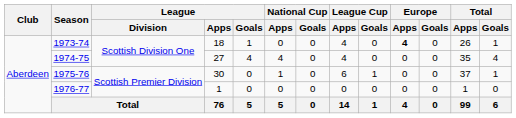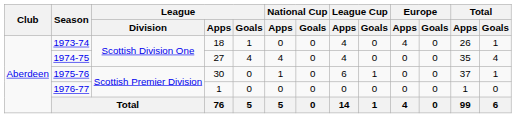 <table class="wikitable" style="text-align:center">
 <tr>
 <th rowspan="2">Club</th>
 <th rowspan="2">Season</th>
 <th colspan="3">League</th>
 <th colspan="2">National Cup</th>
 <th colspan="2">League Cup</th>
 <th colspan="2">Europe</th>
 <th colspan="2">Total</th>
 </tr>
 <tr>
 <th>Division</th>
 <th>Apps</th>
 <th>Goals</th>
 <th>Apps</th>
 <th>Goals</th>
 <th>Apps</th>
 <th>Goals</th>
 <th>Apps</th>
 <th>Goals</th>
 <th>Apps</th>
 <th>Goals</th>
 </tr>
 <tr>
 <td rowspan="5"><a href='#'>Aberdeen</a></td>
 <td><a href='#'>1973-74</a></td>
 <td rowspan="2"><a href='#'>Scottish Division One</a></td>
 <td>18</td>
 <td>1</td>
 <td>0</td>
 <td>0</td>
 <td>4</td>
 <td>0</td>
-<td><strong>4</strong></td>
+<td>4</td>
 <td>0</td>
 <td>26</td>
 <td>1</td>
 </tr>
 <tr>
 <td><a href='#'>1974-75</a></td>
 <td>27</td>
 <td>4</td>
 <td>4</td>
 <td>0</td>
 <td>4</td>
 <td>0</td>
 <td>0</td>
 <td>0</td>
 <td>35</td>
 <td>4</td>
 </tr>
 <tr>
 <td><a href='#'>1975-76</a></td>
 <td rowspan="2"><a href='#'>Scottish Premier Division</a></td>
 <td>30</td>
 <td>0</td>
 <td>1</td>
 <td>0</td>
 <td>6</td>
 <td>1</td>
 <td>0</td>
 <td>0</td>
 <td>37</td>
 <td>1</td>
 </tr>
 <tr>
 <td><a href='#'>1976-77</a></td>
 <td>1</td>
 <td>0</td>
 <td>0</td>
 <td>0</td>
 <td>0</td>
 <td>0</td>
 <td>0</td>
 <td>0</td>
 <td>1</td>
 <td>0</td>
 </tr>
 <tr>
 <th colspan="2">Total</th>
 <th>76</th>
 <th>5</th>
 <th>5</th>
 <th>0</th>
 <th>14</th>
 <th>1</th>
 <th>4</th>
 <th>0</th>
 <th>99</th>
 <th>6</th>
 </tr>
 </table>
